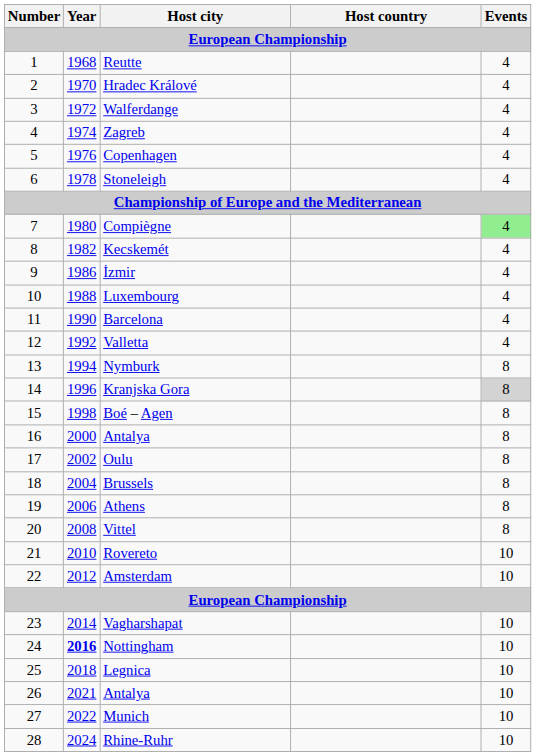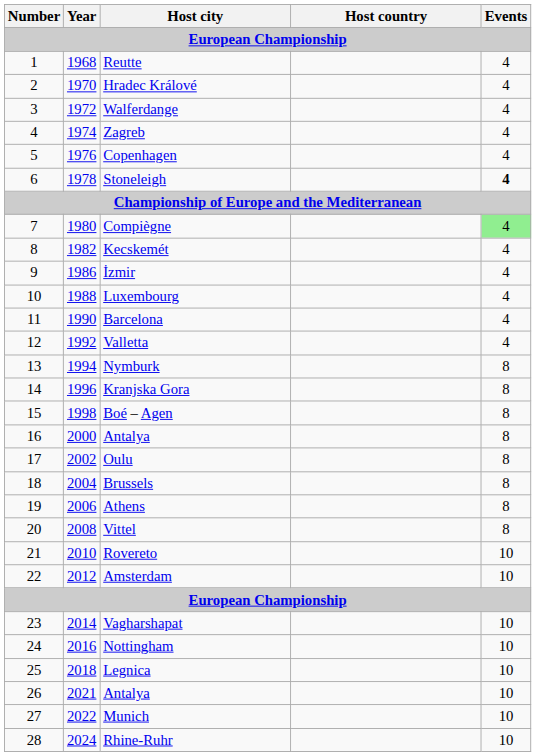 <table class="wikitable" style="text-align:center; font-size:100%">
 <tr>
 <th width=30>Number</th>
 <th width=30>Year</th>
 <th width=200>Host city</th>
 <th width=200>Host country</th>
 <th width=30>Events</th>
 </tr>
 <tr>
 <td colspan="5" bgcolor="#cccccc"align=center><strong><a href='#'>European Championship</a></strong></td>
 </tr>
 <tr>
 <td>1</td>
 <td><a href='#'>1968</a></td>
 <td align=left><a href='#'>Reutte</a></td>
 <td align=left></td>
 <td>4</td>
 </tr>
 <tr>
 <td>2</td>
 <td><a href='#'>1970</a></td>
 <td align=left><a href='#'>Hradec Králové</a></td>
 <td align=left></td>
 <td>4</td>
 </tr>
 <tr>
 <td>3</td>
 <td><a href='#'>1972</a></td>
 <td align=left><a href='#'>Walferdange</a></td>
 <td align=left></td>
 <td>4</td>
 </tr>
 <tr>
 <td>4</td>
 <td><a href='#'>1974</a></td>
 <td align=left><a href='#'>Zagreb</a></td>
 <td align=left></td>
 <td>4</td>
 </tr>
 <tr>
 <td>5</td>
 <td><a href='#'>1976</a></td>
 <td align=left><a href='#'>Copenhagen</a></td>
 <td align=left></td>
 <td>4</td>
 </tr>
 <tr>
 <td>6</td>
 <td><a href='#'>1978</a></td>
 <td align=left><a href='#'>Stoneleigh</a></td>
 <td align=left></td>
-<td>4</td>
+<td><strong>4</strong></td>
 </tr>
 <tr>
 <td colspan="5" bgcolor="#cccccc"align=center><strong><a href='#'>Championship of Europe and the Mediterranean</a></strong></td>
 </tr>
 <tr>
 <td>7</td>
 <td><a href='#'>1980</a></td>
 <td align=left><a href='#'>Compiègne</a></td>
 <td align=left></td>
 <td style="background: lightgreen;">4</td>
 </tr>
 <tr>
 <td>8</td>
 <td><a href='#'>1982</a></td>
 <td align=left><a href='#'>Kecskemét</a></td>
 <td align=left></td>
 <td>4</td>
 </tr>
 <tr>
 <td>9</td>
 <td><a href='#'>1986</a></td>
 <td align=left><a href='#'>İzmir</a></td>
 <td align=left></td>
 <td>4</td>
 </tr>
 <tr>
 <td>10</td>
 <td><a href='#'>1988</a></td>
 <td align=left><a href='#'>Luxembourg</a></td>
 <td align=left></td>
 <td>4</td>
 </tr>
 <tr>
 <td>11</td>
 <td><a href='#'>1990</a></td>
 <td align=left><a href='#'>Barcelona</a></td>
 <td align=left></td>
 <td>4</td>
 </tr>
 <tr>
 <td>12</td>
 <td><a href='#'>1992</a></td>
 <td align=left><a href='#'>Valletta</a></td>
 <td align=left></td>
 <td>4</td>
 </tr>
 <tr>
 <td>13</td>
 <td><a href='#'>1994</a></td>
 <td align=left><a href='#'>Nymburk</a></td>
 <td align=left></td>
 <td>8</td>
 </tr>
 <tr>
 <td>14</td>
 <td><a href='#'>1996</a></td>
 <td align=left><a href='#'>Kranjska Gora</a></td>
 <td align=left></td>
-<td style="background: lightgrey;">8</td>
+<td>8</td>
 </tr>
 <tr>
 <td>15</td>
 <td><a href='#'>1998</a></td>
 <td align=left><a href='#'>Boé</a> – <a href='#'>Agen</a></td>
 <td align=left></td>
 <td>8</td>
 </tr>
 <tr>
 <td>16</td>
 <td><a href='#'>2000</a></td>
 <td align=left><a href='#'>Antalya</a></td>
 <td align=left></td>
 <td>8</td>
 </tr>
 <tr>
 <td>17</td>
 <td><a href='#'>2002</a></td>
 <td align=left><a href='#'>Oulu</a></td>
 <td align=left></td>
 <td>8</td>
 </tr>
 <tr>
 <td>18</td>
 <td><a href='#'>2004</a></td>
 <td align=left><a href='#'>Brussels</a></td>
 <td align=left></td>
 <td>8</td>
 </tr>
 <tr>
 <td>19</td>
 <td><a href='#'>2006</a></td>
 <td align=left><a href='#'>Athens</a></td>
 <td align=left></td>
 <td>8</td>
 </tr>
 <tr>
 <td>20</td>
 <td><a href='#'>2008</a></td>
 <td align=left><a href='#'>Vittel</a></td>
 <td align=left></td>
 <td>8</td>
 </tr>
 <tr>
 <td>21</td>
 <td><a href='#'>2010</a></td>
 <td align=left><a href='#'>Rovereto</a></td>
 <td align=left></td>
 <td>10</td>
 </tr>
 <tr>
 <td>22</td>
 <td><a href='#'>2012</a></td>
 <td align=left><a href='#'>Amsterdam</a></td>
 <td align=left></td>
 <td>10</td>
 </tr>
 <tr>
 <td colspan="5" bgcolor="#cccccc"align=center><strong><a href='#'>European Championship</a></strong></td>
 </tr>
 <tr>
 <td>23</td>
 <td><a href='#'>2014</a></td>
 <td align=left><a href='#'>Vagharshapat</a></td>
 <td align=left></td>
 <td>10</td>
 </tr>
 <tr>
 <td>24</td>
-<td><strong><a href='#'>2016</a></strong></td>
+<td><a href='#'>2016</a></td>
 <td align=left><a href='#'>Nottingham</a></td>
 <td align=left></td>
 <td>10</td>
 </tr>
 <tr>
 <td>25</td>
 <td><a href='#'>2018</a></td>
 <td align=left><a href='#'>Legnica</a></td>
 <td align=left></td>
 <td>10</td>
 </tr>
 <tr>
 <td>26</td>
 <td><a href='#'>2021</a></td>
 <td align=left><a href='#'>Antalya</a></td>
 <td align=left></td>
 <td>10</td>
 </tr>
 <tr>
 <td>27</td>
 <td><a href='#'>2022</a></td>
 <td align=left><a href='#'>Munich</a></td>
 <td align=left></td>
 <td>10</td>
 </tr>
 <tr>
 <td>28</td>
 <td><a href='#'>2024</a></td>
 <td align=left><a href='#'>Rhine-Ruhr</a></td>
 <td align=left></td>
 <td>10</td>
 </tr>
 </table>
